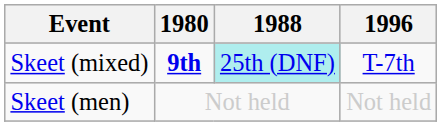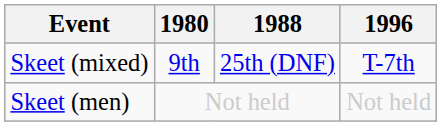 <table class="wikitable" style="text-align: center">
 <tr>
 <th>Event</th>
 <th>1980</th>
 <th>1988</th>
 <th>1996</th>
 </tr>
 <tr>
 <td align=left><a href='#'>Skeet</a> (mixed)</td>
-<td><strong><a href='#'>9th</a></strong></td>
-<td style="background: paleturquoise;"><a href='#'>25th (DNF)</a></td>
+<td><a href='#'>9th</a></td>
+<td><a href='#'>25th (DNF)</a></td>
 <td><a href='#'>T-7th</a></td>
 </tr>
 <tr>
 <td align=left><a href='#'>Skeet</a> (men)</td>
 <td colspan=2 style="color: #cccccc">Not held</td>
 <td colspan=1 style="color: #cccccc">Not held</td>
 </tr>
 </table>
